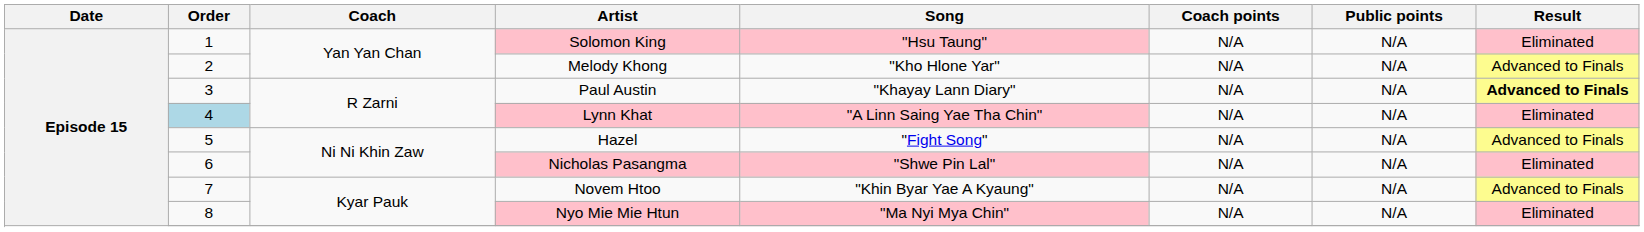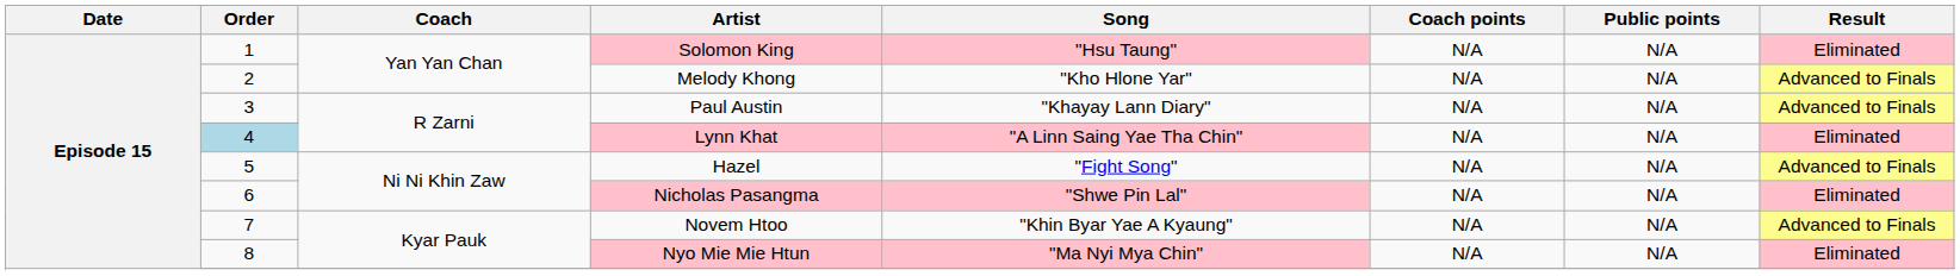 <table class="wikitable" style="text-align:center; width:85%;">
 <tr>
 <th width="10%">Date</th>
 <th width="05%">Order</th>
 <th width="15%">Coach</th>
 <th width="15%">Artist</th>
 <th width="25%">Song</th>
 <th width="10%;">Coach points</th>
 <th width="10%;">Public points</th>
 <th width="10%">Result</th>
 </tr>
 <tr>
 <th rowspan="12" scope="row">Episode 15<br></th>
 <td>1</td>
 <td rowspan="2">Yan Yan Chan</td>
 <td style="background:pink;">Solomon King</td>
 <td style="background:pink;">"Hsu Taung"</td>
 <td>N/A</td>
 <td>N/A</td>
 <td style="background:pink;">Eliminated</td>
 </tr>
 <tr>
 <td>2</td>
 <td>Melody Khong</td>
 <td>"Kho Hlone Yar"</td>
 <td>N/A</td>
 <td>N/A</td>
 <td style="background:#fdfc8f;">Advanced to Finals</td>
 </tr>
 <tr>
 <td>3</td>
 <td rowspan="2">R Zarni</td>
 <td>Paul Austin</td>
 <td>"Khayay Lann Diary"</td>
 <td>N/A</td>
 <td>N/A</td>
-<td style="background:#fdfc8f;"><strong>Advanced to Finals</strong></td>
+<td style="background:#fdfc8f;">Advanced to Finals</td>
 </tr>
 <tr>
 <td style="background: lightblue;">4</td>
 <td style="background:pink;">Lynn Khat</td>
 <td style="background:pink;">"A Linn Saing Yae Tha Chin"</td>
 <td>N/A</td>
 <td>N/A</td>
 <td style="background:pink;">Eliminated</td>
 </tr>
 <tr>
 <td>5</td>
 <td rowspan="2">Ni Ni Khin Zaw</td>
 <td>Hazel</td>
 <td>"<a href='#'>Fight Song</a>"</td>
 <td>N/A</td>
 <td>N/A</td>
 <td style="background:#fdfc8f;">Advanced to Finals</td>
 </tr>
 <tr>
 <td>6</td>
 <td style="background:pink;">Nicholas Pasangma</td>
 <td style="background:pink;">"Shwe Pin Lal"</td>
 <td>N/A</td>
 <td>N/A</td>
 <td style="background:pink;">Eliminated</td>
 </tr>
 <tr>
 <td>7</td>
 <td rowspan="2">Kyar Pauk</td>
 <td>Novem Htoo</td>
 <td>"Khin Byar Yae A Kyaung"</td>
 <td>N/A</td>
 <td>N/A</td>
 <td style="background:#fdfc8f;">Advanced to Finals</td>
 </tr>
 <tr>
 <td>8</td>
 <td style="background:pink;">Nyo Mie Mie Htun</td>
 <td style="background:pink;">"Ma Nyi Mya Chin"</td>
 <td>N/A</td>
 <td>N/A</td>
 <td style="background:pink;">Eliminated</td>
 </tr>
 <tr>
 </tr>
 </table>
